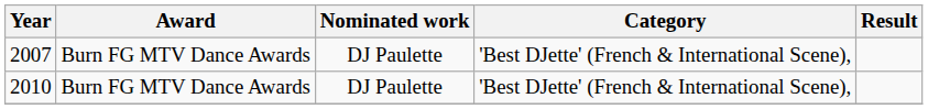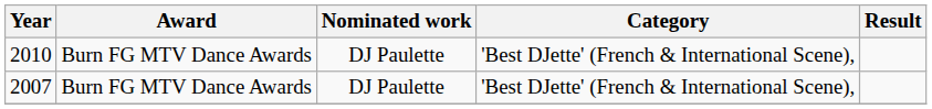 <table class="wikitable plainrowheaders" style="text-align:center;">
 <tr>
 <th>Year</th>
 <th>Award</th>
 <th>Nominated work</th>
 <th>Category</th>
 <th>Result</th>
 </tr>
 <tr>
-<td rowspan="1">2007</td>
+<td rowspan="1">2010</td>
 <td rowspan="1">Burn FG MTV Dance Awards</td>
 <td>DJ Paulette</td>
 <td>'Best DJette' (French & International Scene),</td>
 <td></td>
 </tr>
 <tr>
-<td rowspan="1">2010</td>
+<td rowspan="1">2007</td>
 <td rowspan="1">Burn FG MTV Dance Awards</td>
 <td>DJ Paulette</td>
 <td>'Best DJette' (French & International Scene),</td>
 <td></td>
 </tr>
 <tr>
 </tr>
 </table>
